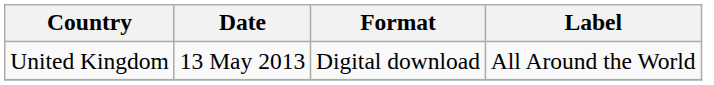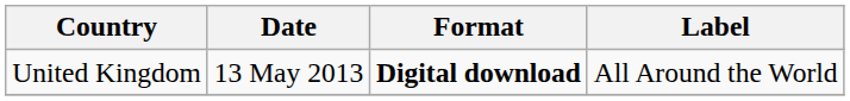 <table class="wikitable plainrowheaders">
 <tr>
 <th scope="col">Country</th>
 <th scope="col">Date</th>
 <th scope="col">Format</th>
 <th scope="col">Label</th>
 </tr>
 <tr>
 <td>United Kingdom</td>
 <td>13 May 2013</td>
-<td>Digital download</td>
+<td><strong>Digital download</strong></td>
 <td>All Around the World</td>
 </tr>
 <tr>
 </tr>
 </table>
